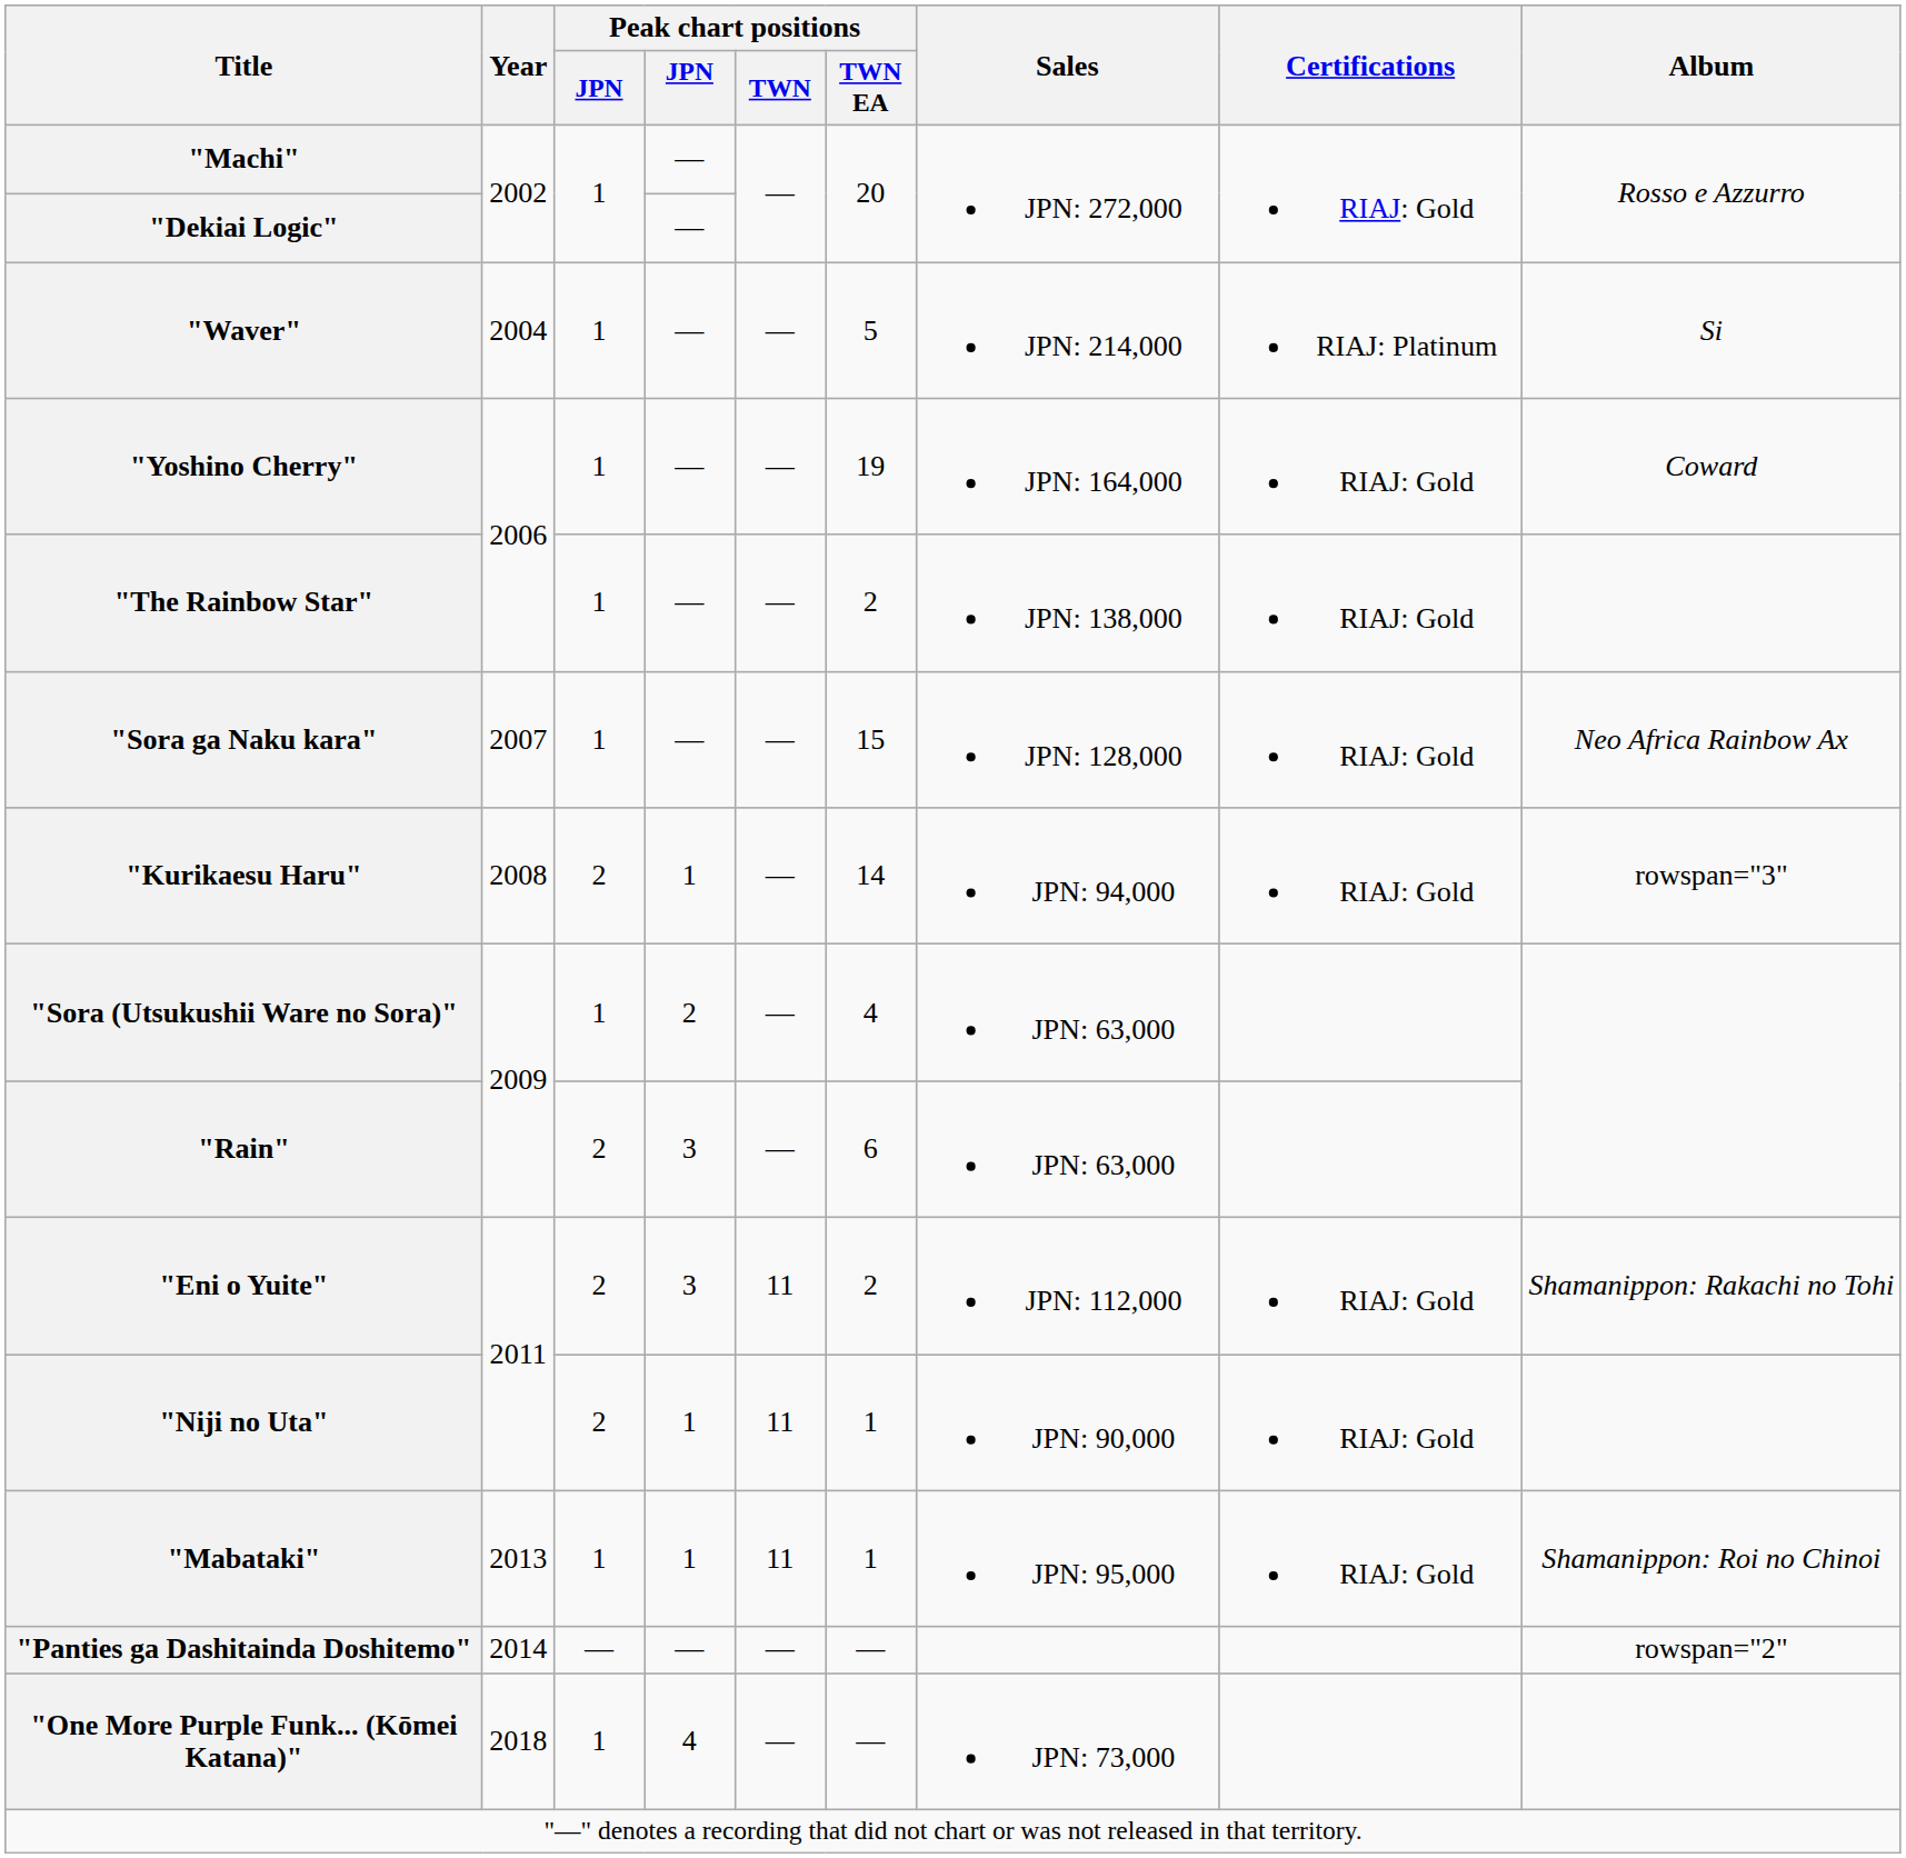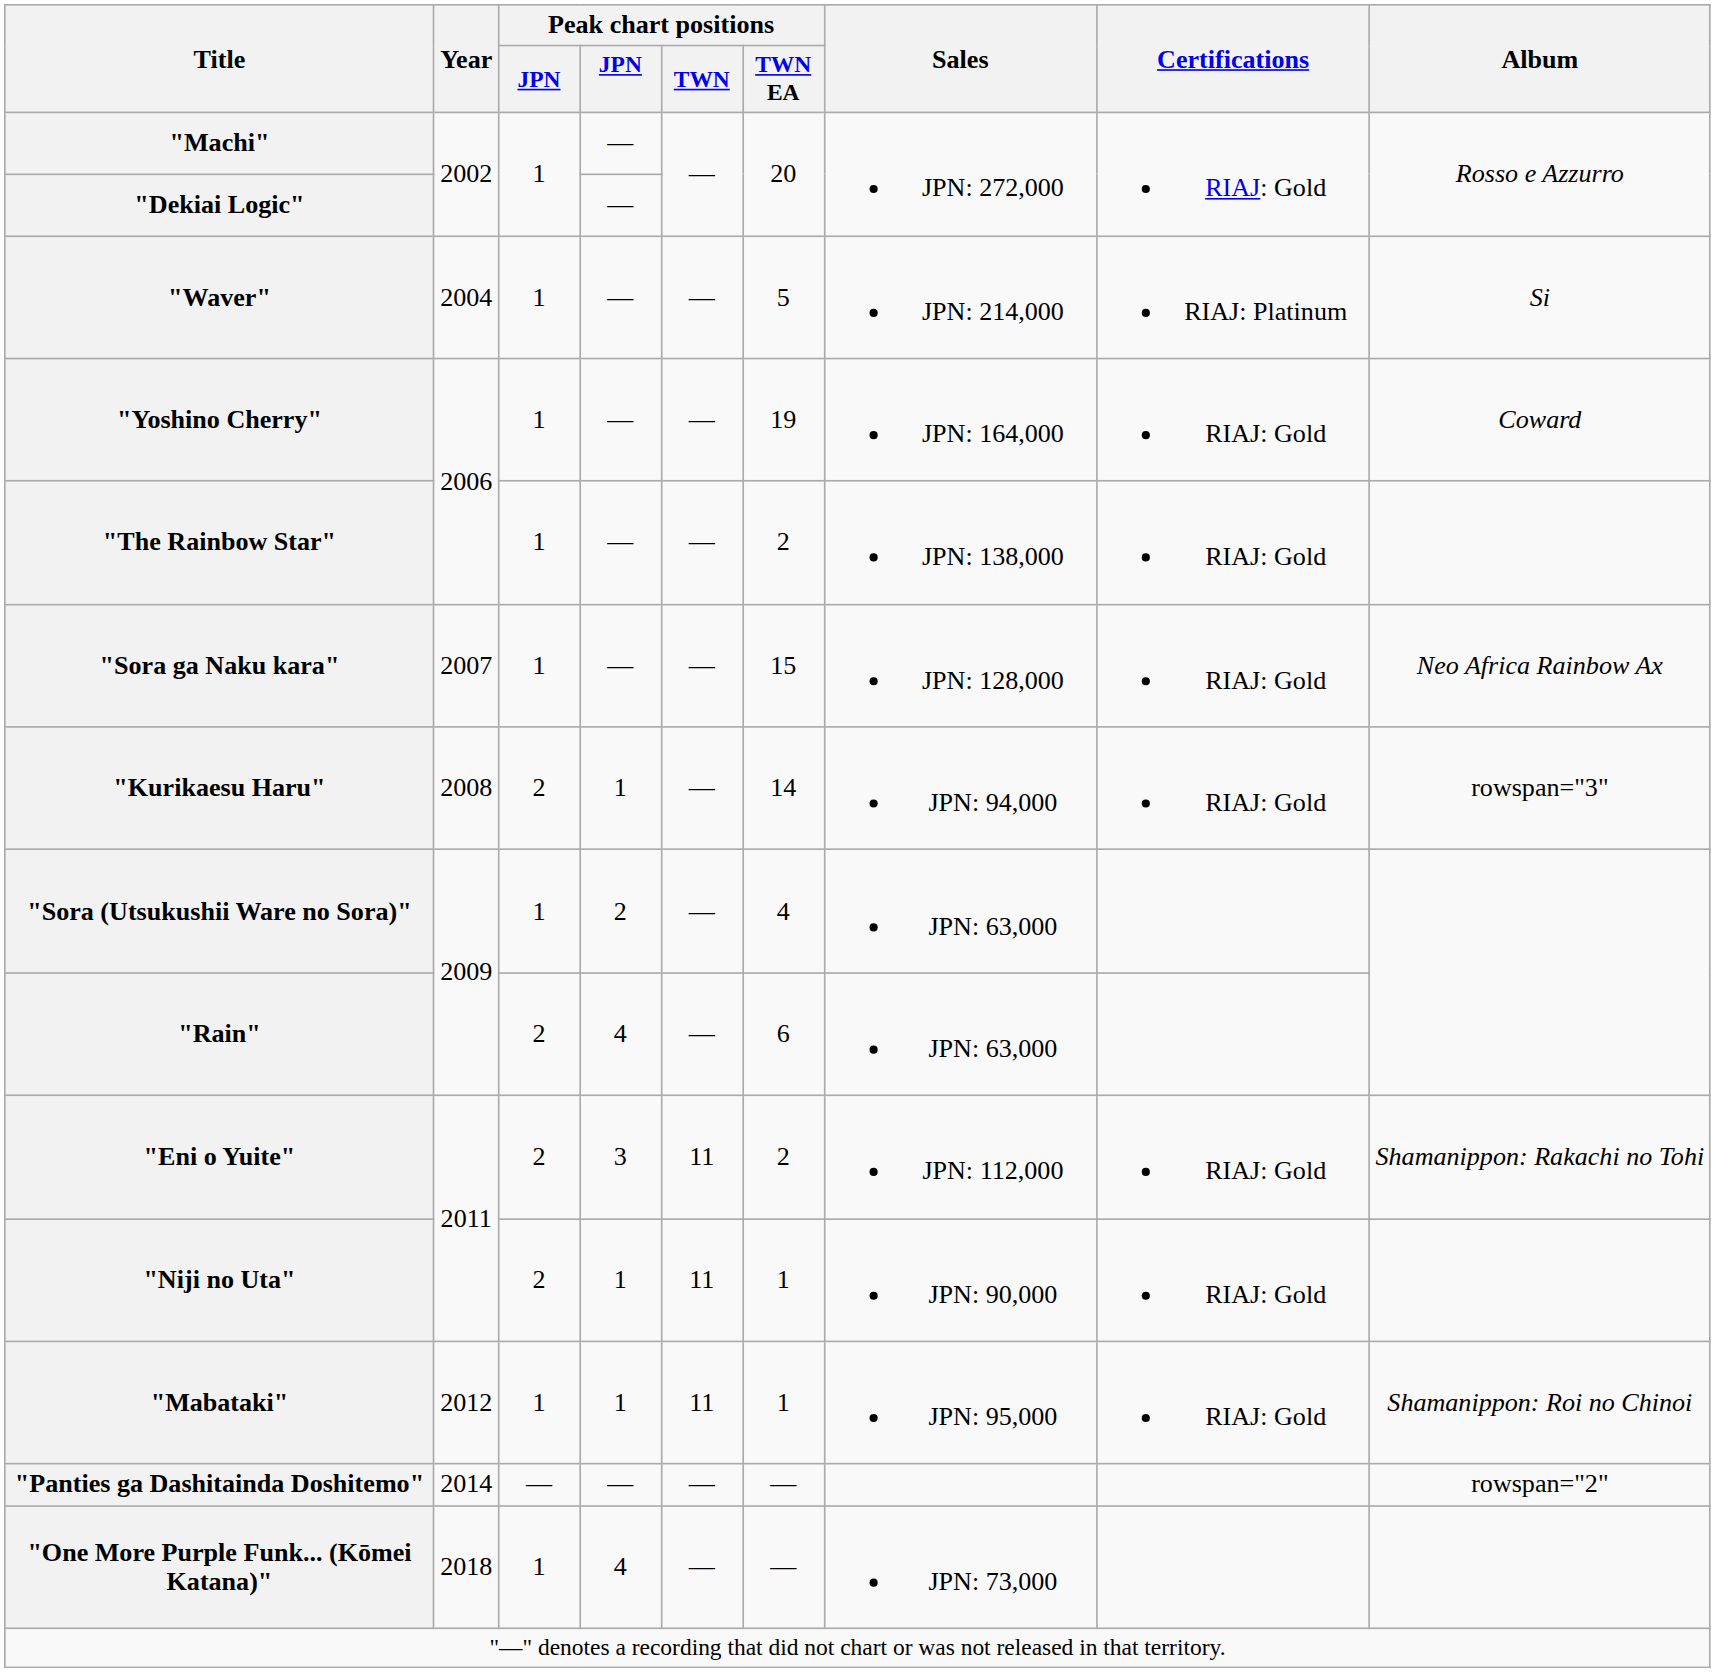 <table class="wikitable plainrowheaders" style="text-align:center;" border="1">
 <tr>
 <th scope="col" rowspan="2" style="width:16em;">Title</th>
 <th scope="col" rowspan="2">Year</th>
 <th scope="col" colspan="4">Peak chart positions</th>
 <th scope="col" rowspan="2" style="width:10em;">Sales</th>
 <th scope="col" rowspan="2" style="width:10em;"><a href='#'>Certifications</a></th>
 <th scope="col" rowspan="2">Album</th>
 </tr>
 <tr>
 <th scope="col" style="width:3em;font-size:90%;"><a href='#'>JPN</a><br></th>
 <th scope="col" style="width:3em;font-size:90%;"><a href='#'>JPN<br></a><br></th>
 <th scope="col" style="width:3em;font-size:90%;"><a href='#'>TWN</a><br></th>
 <th scope="col" style="width:3em;font-size:90%;"><a href='#'>TWN</a><br>EA<br></th>
 </tr>
 <tr>
 <th scope="row">"Machi"</th>
 <td rowspan="2">2002</td>
 <td rowspan="2">1</td>
 <td>—</td>
 <td rowspan="2">—</td>
 <td rowspan="2">20</td>
 <td rowspan="2"><br><ul><li>JPN: 272,000</li></ul></td>
 <td rowspan="2"><br><ul><li><a href='#'>RIAJ</a>: Gold</li></ul></td>
 <td rowspan="2"><em>Rosso e Azzurro</em></td>
 </tr>
 <tr>
 <th scope="row">"Dekiai Logic"</th>
 <td>—</td>
 </tr>
 <tr>
 <th scope="row">"Waver"</th>
 <td>2004</td>
 <td>1</td>
 <td>—</td>
 <td>—</td>
 <td>5</td>
 <td><br><ul><li>JPN: 214,000</li></ul></td>
 <td><br><ul><li>RIAJ: Platinum</li></ul></td>
 <td><em>Si</em></td>
 </tr>
 <tr>
 <th scope="row">"Yoshino Cherry"</th>
 <td rowspan="2">2006</td>
 <td>1</td>
 <td>—</td>
 <td>—</td>
 <td>19</td>
 <td><br><ul><li>JPN: 164,000</li></ul></td>
 <td><br><ul><li>RIAJ: Gold</li></ul></td>
 <td><em>Coward</em></td>
 </tr>
 <tr>
 <th scope="row">"The Rainbow Star"</th>
 <td>1</td>
 <td>—</td>
 <td>—</td>
 <td>2</td>
 <td><br><ul><li>JPN: 138,000</li></ul></td>
 <td><br><ul><li>RIAJ: Gold</li></ul></td>
 <td></td>
 </tr>
 <tr>
 <th scope="row">"Sora ga Naku kara"</th>
 <td>2007</td>
 <td>1</td>
 <td>—</td>
 <td>—</td>
 <td>15</td>
 <td><br><ul><li>JPN: 128,000</li></ul></td>
 <td><br><ul><li>RIAJ: Gold</li></ul></td>
 <td><em>Neo Africa Rainbow Ax</em></td>
 </tr>
 <tr>
 <th scope="row">"Kurikaesu Haru"</th>
 <td>2008</td>
 <td>2</td>
 <td>1</td>
 <td>—</td>
 <td>14</td>
 <td><br><ul><li>JPN: 94,000</li></ul></td>
 <td><br><ul><li>RIAJ: Gold</li></ul></td>
 <td>rowspan="3" </td>
 </tr>
 <tr>
 <th scope="row">"Sora (Utsukushii Ware no Sora)"</th>
 <td rowspan="2">2009</td>
 <td>1</td>
 <td>2</td>
 <td>—</td>
 <td>4</td>
 <td><br><ul><li>JPN: 63,000</li></ul></td>
 <td></td>
 </tr>
 <tr>
 <th scope="row">"Rain"</th>
 <td>2</td>
-<td>3</td>
+<td>4</td>
 <td>—</td>
 <td>6</td>
 <td><br><ul><li>JPN: 63,000</li></ul></td>
 <td></td>
 </tr>
 <tr>
 <th scope="row">"Eni o Yuite"</th>
 <td rowspan="2">2011</td>
 <td>2</td>
 <td>3</td>
 <td>11</td>
 <td>2</td>
 <td><br><ul><li>JPN: 112,000</li></ul></td>
 <td><br><ul><li>RIAJ: Gold</li></ul></td>
 <td><em>Shamanippon: Rakachi no Tohi</em></td>
 </tr>
 <tr>
 <th scope="row">"Niji no Uta"</th>
 <td>2</td>
 <td>1</td>
 <td>11</td>
 <td>1</td>
 <td><br><ul><li>JPN: 90,000</li></ul></td>
 <td><br><ul><li>RIAJ: Gold</li></ul></td>
 <td></td>
 </tr>
 <tr>
 <th scope="row">"Mabataki"</th>
-<td>2013</td>
+<td>2012</td>
 <td>1</td>
 <td>1</td>
 <td>11</td>
 <td>1</td>
 <td><br><ul><li>JPN: 95,000</li></ul></td>
 <td><br><ul><li>RIAJ: Gold</li></ul></td>
 <td><em>Shamanippon: Roi no Chinoi</em></td>
 </tr>
 <tr>
 <th scope="row">"Panties ga Dashitainda Doshitemo"</th>
 <td>2014</td>
 <td>—</td>
 <td>—</td>
 <td>—</td>
 <td>—</td>
 <td></td>
 <td></td>
 <td>rowspan="2" </td>
 </tr>
 <tr>
 <th scope="row">"One More Purple Funk... (Kōmei Katana)"</th>
 <td>2018</td>
 <td>1</td>
 <td>4</td>
 <td>—</td>
 <td>—</td>
 <td><br><ul><li>JPN: 73,000</li></ul></td>
 <td></td>
 </tr>
 <tr>
 <td colspan="9" style="font-size:90%">"—" denotes a recording that did not chart or was not released in that territory.</td>
 </tr>
 </table>
